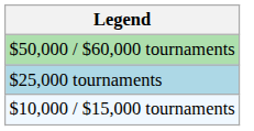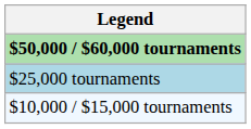 <table class="wikitable" style="font-size:85%">
 <tr>
 <th>Legend</th>
 </tr>
 <tr style="background:#addfad;">
-<td>$50,000 / $60,000 tournaments</td>
+<td><strong>$50,000 / $60,000 tournaments</strong></td>
 </tr>
 <tr style="background:lightblue;">
 <td>$25,000 tournaments</td>
 </tr>
 <tr style="background:#f0f8ff;">
 <td>$10,000 / $15,000 tournaments</td>
 </tr>
 </table>
